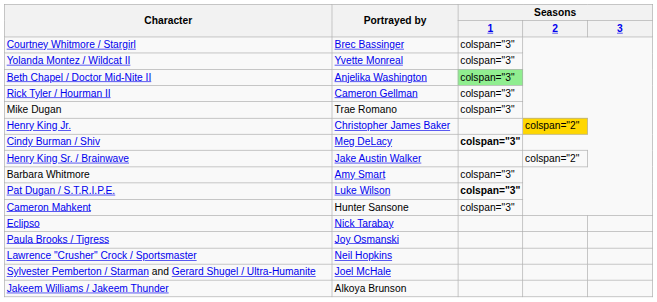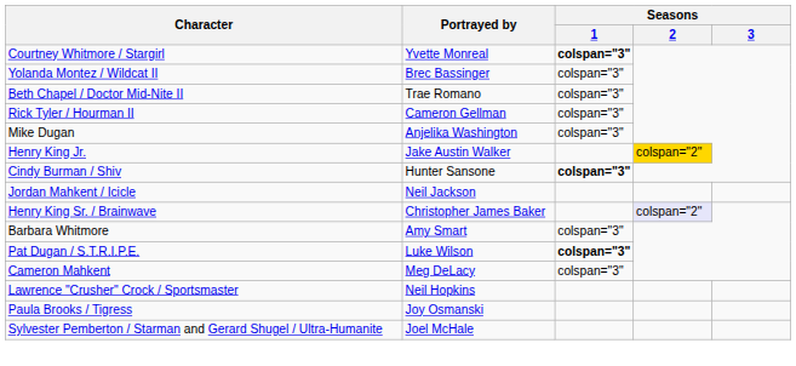 <table class="wikitable">
 <tr>
 <th rowspan="2">Character</th>
 <th rowspan="2">Portrayed by</th>
 <th colspan="3">Seasons</th>
 </tr>
 <tr>
 <th style="width:10%;"><a href='#'>1</a></th>
 <th style="width:10%;"><a href='#'>2</a></th>
 <th style="width:10%;"><a href='#'>3</a></th>
 </tr>
 <tr>
 <td><a href='#'>Courtney Whitmore / Stargirl</a></td>
+<td><a href='#'>Yvette Monreal</a></td>
+<td><strong>colspan="3" </strong></td>
+</tr>
+<tr>
+<td><a href='#'>Yolanda Montez / Wildcat II</a></td>
 <td><a href='#'>Brec Bassinger</a></td>
 <td>colspan="3" </td>
 </tr>
 <tr>
-<td><a href='#'>Yolanda Montez / Wildcat II</a></td>
-<td><a href='#'>Yvette Monreal</a></td>
+<td><a href='#'>Beth Chapel / Doctor Mid-Nite II</a></td>
+<td>Trae Romano</td>
 <td>colspan="3" </td>
-</tr>
-<tr>
-<td><a href='#'>Beth Chapel / Doctor Mid-Nite II</a></td>
-<td><a href='#'>Anjelika Washington</a></td>
-<td style="background: lightgreen;">colspan="3" </td>
 </tr>
 <tr>
 <td><a href='#'>Rick Tyler / Hourman II</a></td>
 <td><a href='#'>Cameron Gellman</a></td>
 <td>colspan="3" </td>
 </tr>
 <tr>
 <td>Mike Dugan</td>
-<td>Trae Romano</td>
+<td><a href='#'>Anjelika Washington</a></td>
 <td>colspan="3" </td>
 </tr>
 <tr>
 <td><a href='#'>Henry King Jr.</a></td>
-<td><a href='#'>Christopher James Baker</a></td>
+<td><a href='#'>Jake Austin Walker</a></td>
 <td></td>
 <td style="background: gold;">colspan="2" </td>
 </tr>
 <tr>
 <td><a href='#'>Cindy Burman / Shiv</a></td>
-<td><a href='#'>Meg DeLacy</a></td>
+<td>Hunter Sansone</td>
 <td><strong>colspan="3" </strong></td>
 </tr>
 <tr>
+<td><a href='#'>Jordan Mahkent / Icicle</a></td>
+<td><a href='#'>Neil Jackson</a></td>
+<td></td>
+<td></td>
+<td></td>
+</tr>
+<tr>
 <td><a href='#'>Henry King Sr. / Brainwave</a></td>
-<td><a href='#'>Jake Austin Walker</a></td>
+<td><a href='#'>Christopher James Baker</a></td>
 <td></td>
-<td>colspan="2" </td>
+<td style="background: lavender;">colspan="2" </td>
 </tr>
 <tr>
 <td>Barbara Whitmore</td>
 <td><a href='#'>Amy Smart</a></td>
 <td>colspan="3" </td>
 </tr>
 <tr>
 <td><a href='#'>Pat Dugan / S.T.R.I.P.E.</a></td>
 <td><a href='#'>Luke Wilson</a></td>
 <td><strong>colspan="3" </strong></td>
 </tr>
 <tr>
 <td><a href='#'>Cameron Mahkent</a></td>
-<td>Hunter Sansone</td>
+<td><a href='#'>Meg DeLacy</a></td>
 <td>colspan="3" </td>
 </tr>
 <tr>
-<td><a href='#'>Eclipso</a></td>
-<td><a href='#'>Nick Tarabay</a></td>
+<td><a href='#'>Lawrence "Crusher" Crock / Sportsmaster</a></td>
+<td><a href='#'>Neil Hopkins</a></td>
 <td></td>
 <td></td>
 <td></td>
 </tr>
 <tr>
 <td><a href='#'>Paula Brooks / Tigress</a></td>
 <td><a href='#'>Joy Osmanski</a></td>
 <td></td>
 <td></td>
 <td></td>
 </tr>
 <tr>
-<td><a href='#'>Lawrence "Crusher" Crock / Sportsmaster</a></td>
-<td><a href='#'>Neil Hopkins</a></td>
-<td></td>
-<td></td>
-<td></td>
-</tr>
-<tr>
 <td><a href='#'>Sylvester Pemberton / Starman</a> and <a href='#'>Gerard Shugel / Ultra-Humanite</a></td>
 <td><a href='#'>Joel McHale</a></td>
 <td></td>
 <td></td>
 <td></td>
 </tr>
-<tr>
-<td><a href='#'>Jakeem Williams / Jakeem Thunder</a></td>
-<td>Alkoya Brunson</td>
-<td></td>
-<td></td>
-<td></td>
-</tr>
 </table>
